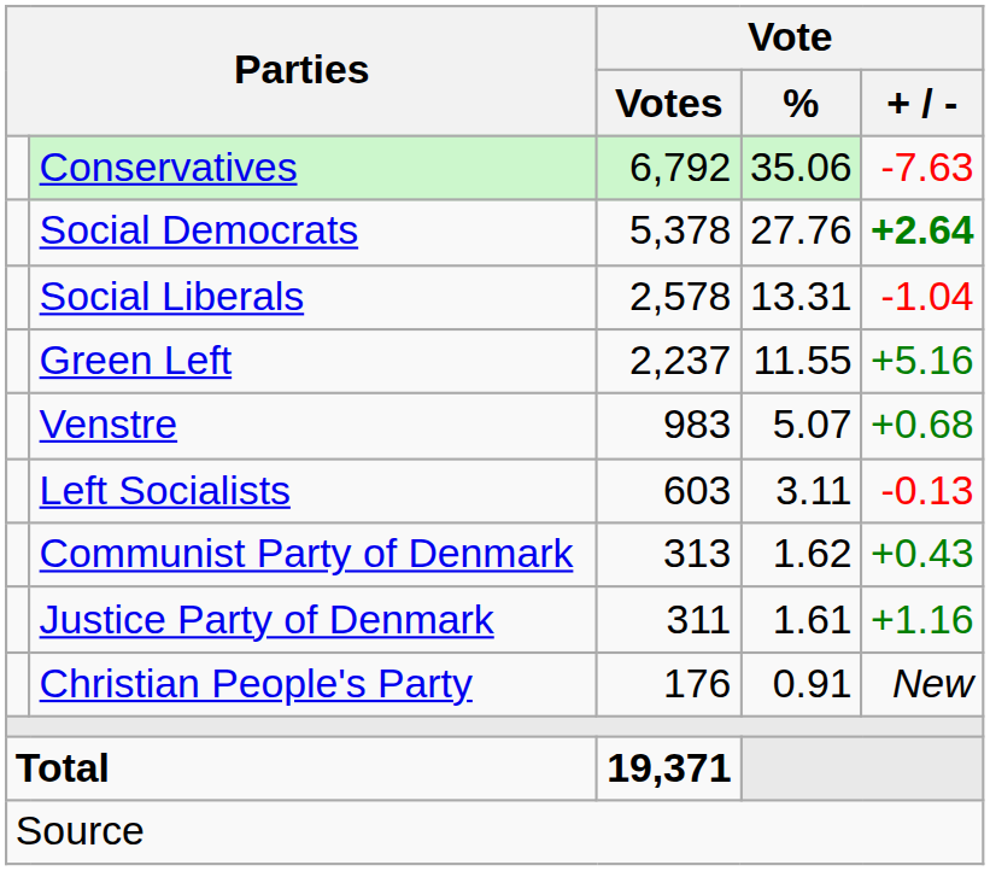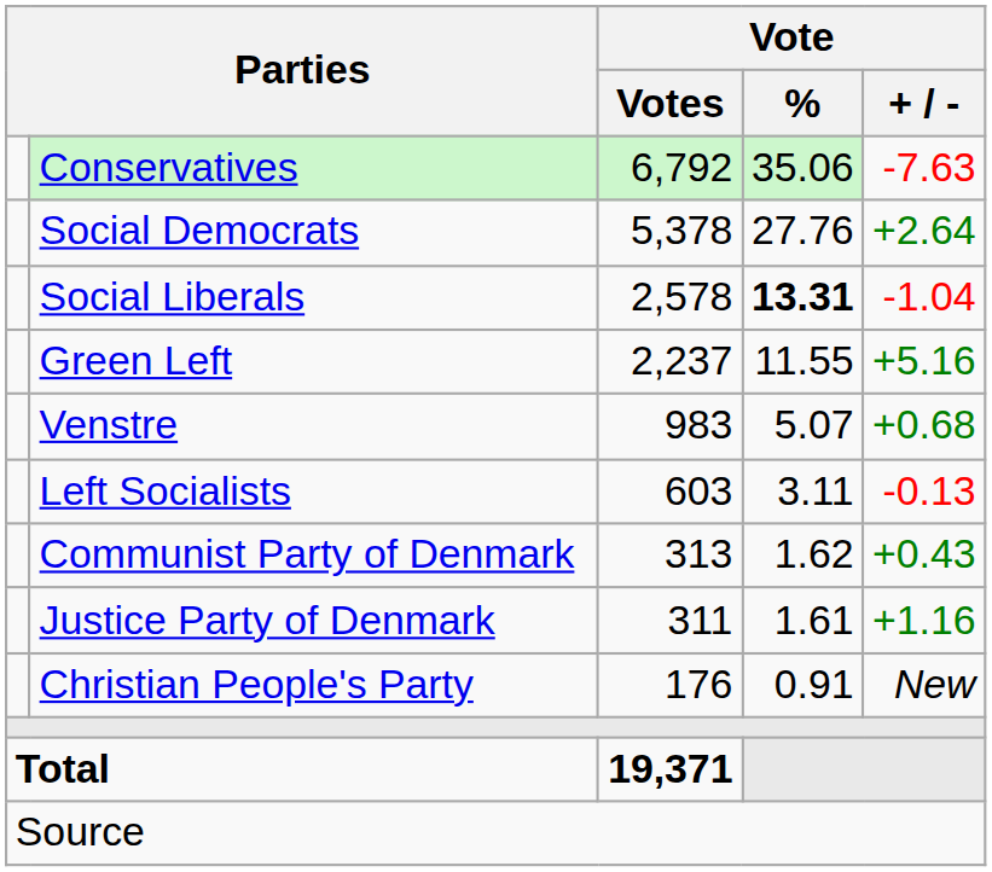 <table class="wikitable" style="text-align:right;">
 <tr>
 <th style="text-align:centre;" rowspan="2" colspan="2" width="225">Parties</th>
 <th colspan="3">Vote</th>
 </tr>
 <tr>
 <th width="15">Votes</th>
 <th width="15">%</th>
 <th width="15">+ / -</th>
 </tr>
 <tr>
 <td width="2" style="color:inherit;background:"></td>
 <td bgcolor=#ccf7cc  align="left"><a href='#'>Conservatives</a></td>
 <td bgcolor=#ccf7cc>6,792</td>
 <td bgcolor=#ccf7cc>35.06</td>
 <td style=color:red;>-7.63</td>
 </tr>
 <tr>
 <td width="2" style="color:inherit;background:"></td>
 <td align="left"><a href='#'>Social Democrats</a></td>
 <td>5,378</td>
 <td>27.76</td>
-<td style=color:green;><strong>+2.64</strong></td>
+<td style=color:green;>+2.64</td>
 </tr>
 <tr>
 <td width="2" style="color:inherit;background:"></td>
 <td align="left"><a href='#'>Social Liberals</a></td>
 <td>2,578</td>
-<td>13.31</td>
+<td><strong>13.31</strong></td>
 <td style=color:red;>-1.04</td>
 </tr>
 <tr>
 <td width="2" style="color:inherit;background:"></td>
 <td align="left"><a href='#'>Green Left</a></td>
 <td>2,237</td>
 <td>11.55</td>
 <td style=color:green;>+5.16</td>
 </tr>
 <tr>
 <td width="2" style="color:inherit;background:"></td>
 <td align="left"><a href='#'>Venstre</a></td>
 <td>983</td>
 <td>5.07</td>
 <td style=color:green;>+0.68</td>
 </tr>
 <tr>
 <td width="2" style="color:inherit;background:"></td>
 <td align="left"><a href='#'>Left Socialists</a></td>
 <td>603</td>
 <td>3.11</td>
 <td style=color:red;>-0.13</td>
 </tr>
 <tr>
 <td width="2" style="color:inherit;background:"></td>
 <td align="left"><a href='#'>Communist Party of Denmark</a></td>
 <td>313</td>
 <td>1.62</td>
 <td style=color:green;>+0.43</td>
 </tr>
 <tr>
 <td width="2" style="color:inherit;background:"></td>
 <td align="left"><a href='#'>Justice Party of Denmark</a></td>
 <td>311</td>
 <td>1.61</td>
 <td style=color:green;>+1.16</td>
 </tr>
 <tr>
 <td width="2" style="color:inherit;background:"></td>
 <td align="left"><a href='#'>Christian People's Party</a></td>
 <td>176</td>
 <td>0.91</td>
 <td><em>New</em></td>
 </tr>
 <tr>
 <td colspan="7" bgcolor="#E9E9E9"></td>
 </tr>
 <tr>
 <td align="left" colspan="2"><strong>Total</strong></td>
 <td><strong>19,371</strong></td>
 <td bgcolor="#E9E9E9" colspan="2"></td>
 </tr>
 <tr>
 <td align="left" colspan="6">Source</td>
 </tr>
 </table>
